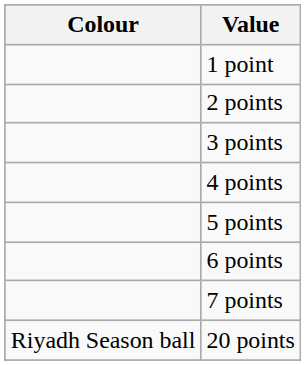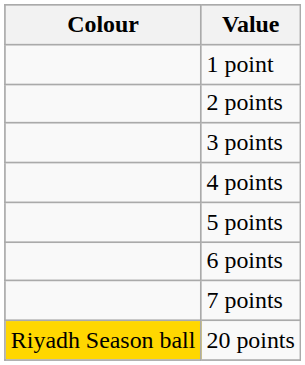 <table class="wikitable" style="font-size:90%; float:right; margin:0em 0em 2em 2em;">
 <tr>
 <th>Colour</th>
 <th>Value</th>
 </tr>
 <tr>
 <td> </td>
 <td>1 point</td>
 </tr>
 <tr>
 <td> </td>
 <td>2 points</td>
 </tr>
 <tr>
 <td> </td>
 <td>3 points</td>
 </tr>
 <tr>
 <td> </td>
 <td>4 points</td>
 </tr>
 <tr>
 <td> </td>
 <td>5 points</td>
 </tr>
 <tr>
 <td> </td>
 <td>6 points</td>
 </tr>
 <tr>
 <td> </td>
 <td>7 points</td>
 </tr>
 <tr>
-<td> Riyadh Season ball</td>
+<td style="background: gold;"> Riyadh Season ball</td>
 <td>20 points</td>
 </tr>
 </table>
